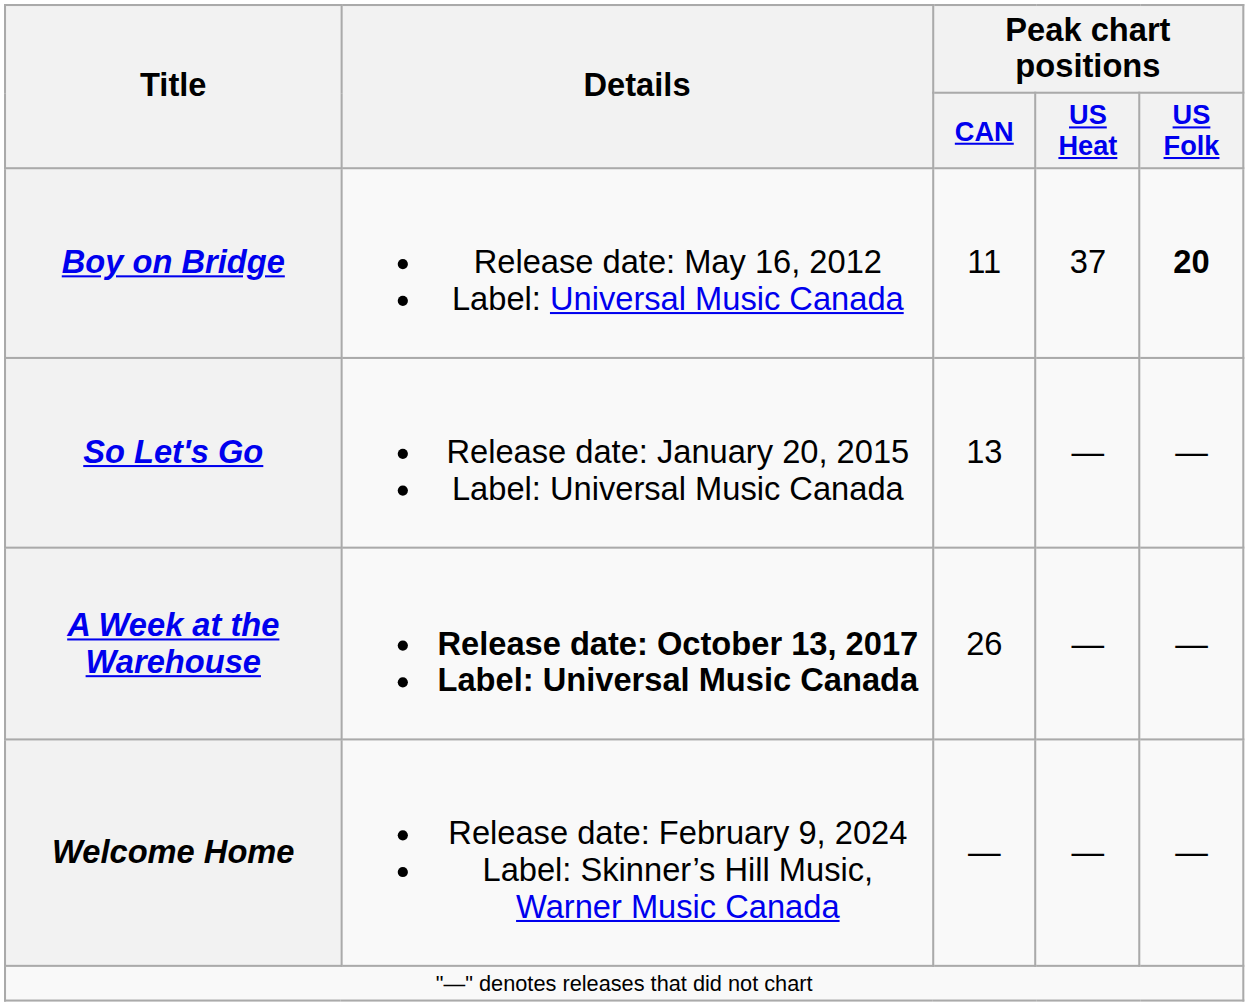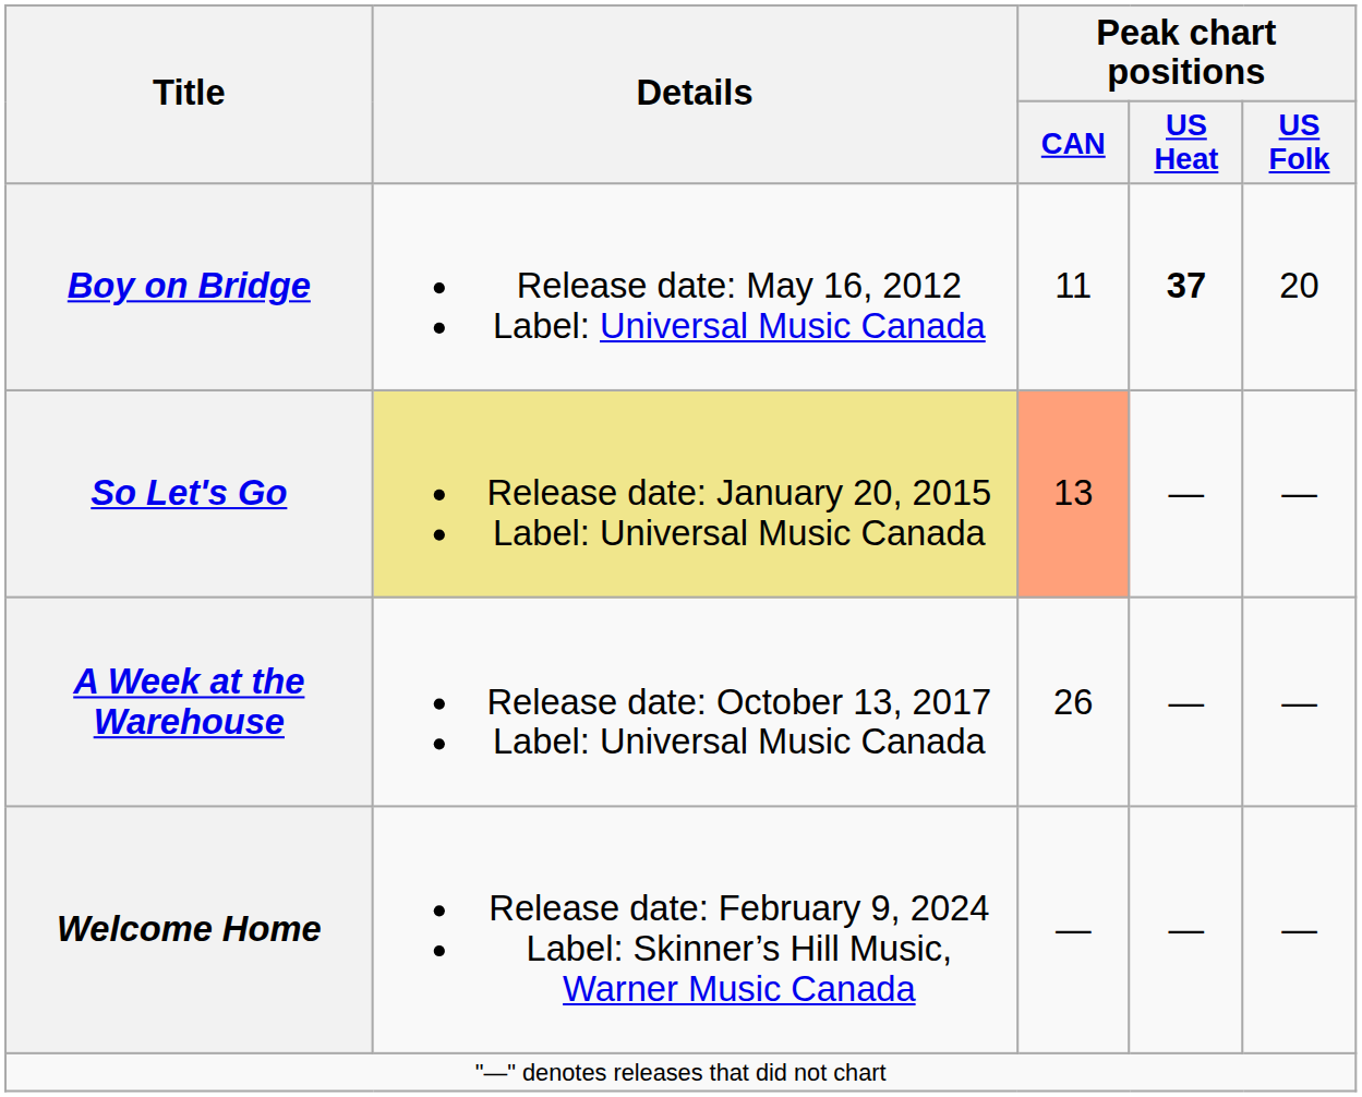 <table class="wikitable plainrowheaders" style="text-align:center;">
 <tr>
 <th rowspan="2" style="width:10em;">Title</th>
 <th rowspan="2" style="width:18em;">Details</th>
 <th colspan="3">Peak chart positions</th>
 </tr>
 <tr style="font-size:smaller;">
 <th width="45"><a href='#'>CAN</a><br></th>
 <th width="45"><a href='#'>US Heat</a><br></th>
 <th width="45"><a href='#'>US Folk</a><br></th>
 </tr>
 <tr>
 <th scope="row"><em><a href='#'>Boy on Bridge</a></em></th>
 <td><br><ul><li>Release date: May 16, 2012</li><li>Label: <a href='#'>Universal Music Canada</a></li></ul></td>
 <td>11</td>
-<td>37</td>
-<td><strong>20</strong></td>
+<td><strong>37</strong></td>
+<td>20</td>
 </tr>
 <tr>
 <th scope="row"><em><a href='#'>So Let's Go</a></em></th>
-<td><br><ul><li>Release date: January 20, 2015</li><li>Label: Universal Music Canada</li></ul></td>
-<td>13</td>
+<td style="background: khaki;"><br><ul><li>Release date: January 20, 2015</li><li>Label: Universal Music Canada</li></ul></td>
+<td style="background: lightsalmon;">13</td>
 <td>—</td>
 <td>—</td>
 </tr>
 <tr>
 <th scope="row"><em><a href='#'>A Week at the Warehouse</a></em></th>
-<td><strong><br><ul><li>Release date: October 13, 2017</li><li>Label: Universal Music Canada</li></ul></strong></td>
+<td><br><ul><li>Release date: October 13, 2017</li><li>Label: Universal Music Canada</li></ul></td>
 <td>26</td>
 <td>—</td>
 <td>—</td>
 </tr>
 <tr>
 <th scope="row"><em>Welcome Home</em></th>
 <td><br><ul><li>Release date: February 9, 2024</li><li>Label: Skinner’s Hill Music, <a href='#'>Warner Music Canada</a></li></ul></td>
 <td>—</td>
 <td>—</td>
 <td>—</td>
 </tr>
 <tr>
 <td colspan="6" style="font-size:8pt">"—" denotes releases that did not chart</td>
 </tr>
 </table>
